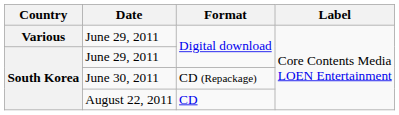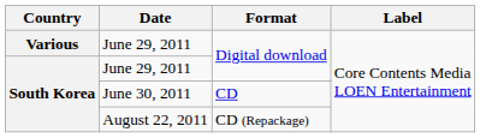 <table class="wikitable plainrowheaders">
 <tr>
 <th scope="col">Country</th>
 <th>Date</th>
 <th>Format</th>
 <th>Label</th>
 </tr>
 <tr>
 <th scope="row">Various</th>
 <td>June 29, 2011</td>
 <td rowspan="2"><a href='#'>Digital download</a></td>
 <td rowspan="4">Core Contents Media<br><a href='#'>LOEN Entertainment</a></td>
 </tr>
 <tr>
 <th scope="row" rowspan="3">South Korea</th>
 <td>June 29, 2011</td>
 </tr>
 <tr>
 <td>June 30, 2011</td>
-<td>CD <small>(Repackage)</small></td>
+<td><a href='#'>CD</a></td>
 </tr>
 <tr>
 <td>August 22, 2011</td>
-<td><a href='#'>CD</a></td>
+<td>CD <small>(Repackage)</small></td>
 </tr>
 </table>
